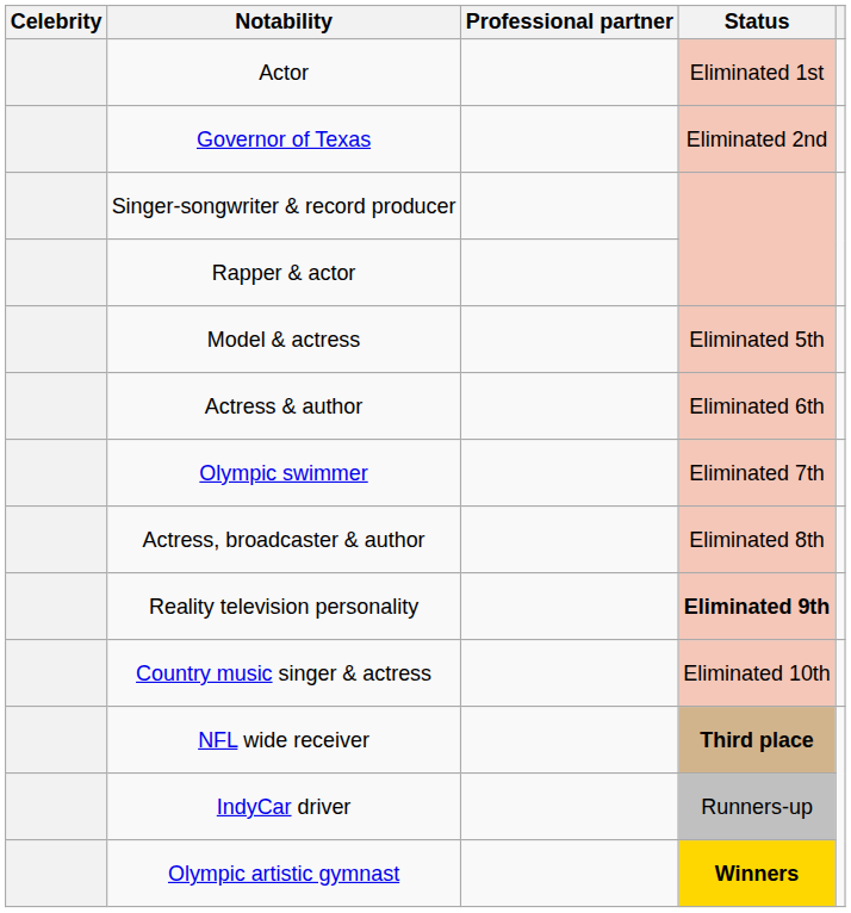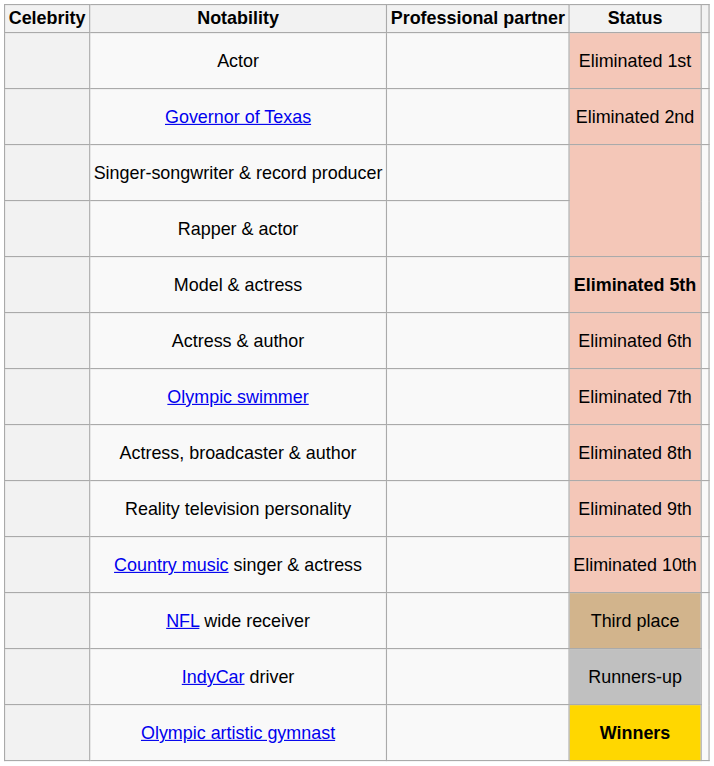 <table class="wikitable sortable" style="text-align:center;">
 <tr>
 <th scope="col">Celebrity</th>
 <th scope="col" class="unsortable">Notability</th>
 <th scope="col">Professional partner</th>
 <th scope="col">Status</th>
 <th scope="col" class="unsortable"></th>
 </tr>
 <tr style="height:50px">
 <th scope="row"></th>
 <td>Actor</td>
 <td></td>
 <td style="background:#f4c7b8;">Eliminated 1st<br></td>
 <td></td>
 </tr>
 <tr style="height:50px">
 <th scope="row"></th>
 <td><a href='#'>Governor of Texas</a></td>
 <td></td>
 <td style="background:#f4c7b8;">Eliminated 2nd<br></td>
 <td></td>
 </tr>
 <tr style="height:50px">
 <th scope="row"></th>
 <td>Singer-songwriter & record producer</td>
 <td></td>
 <td style="background:#f4c7b8;" rowspan=2><br></td>
 <td rowspan=2></td>
 </tr>
 <tr style="height:50px">
 <th scope="row"></th>
 <td>Rapper & actor</td>
 <td></td>
 </tr>
 <tr style="height:50px">
 <th scope="row"></th>
 <td>Model & actress</td>
 <td></td>
-<td style="background:#f4c7b8;">Eliminated 5th<br></td>
+<td style="background:#f4c7b8;"><strong>Eliminated 5th<br></strong></td>
 <td></td>
 </tr>
 <tr style="height:50px">
 <th scope="row"></th>
 <td>Actress & author</td>
 <td></td>
 <td style="background:#f4c7b8;">Eliminated 6th<br></td>
 <td></td>
 </tr>
 <tr style="height:50px">
 <th scope="row"></th>
 <td><a href='#'>Olympic swimmer</a></td>
 <td></td>
 <td style="background:#f4c7b8;">Eliminated 7th<br></td>
 <td></td>
 </tr>
 <tr style="height:50px">
 <th scope="row"></th>
 <td>Actress, broadcaster & author</td>
 <td></td>
 <td style="background:#f4c7b8;">Eliminated 8th<br></td>
 <td></td>
 </tr>
 <tr style="height:50px">
 <th scope="row"></th>
 <td>Reality television personality</td>
 <td></td>
-<td style="background:#f4c7b8;"><strong>Eliminated 9th<br></strong></td>
+<td style="background:#f4c7b8;">Eliminated 9th<br></td>
 <td></td>
 </tr>
 <tr style="height:50px">
 <th scope="row"></th>
 <td><a href='#'>Country music</a> singer & actress</td>
 <td></td>
 <td style="background:#f4c7b8;">Eliminated 10th<br></td>
 <td></td>
 </tr>
 <tr style="height:50px">
 <th scope="row"></th>
 <td><a href='#'>NFL</a> wide receiver</td>
 <td></td>
-<td style="background:tan;"><strong>Third place<br></strong></td>
+<td style="background:tan;">Third place<br></td>
 <td rowspan=3></td>
 </tr>
 <tr style="height:50px">
 <th scope="row"></th>
 <td><a href='#'>IndyCar</a> driver</td>
 <td><br><em><small></small></em></td>
 <td style="background:silver;">Runners-up<br></td>
 </tr>
 <tr style="height:50px">
 <th scope="row"></th>
 <td><a href='#'>Olympic artistic gymnast</a></td>
 <td></td>
 <td style="background:gold;"><strong>Winners</strong><br></td>
 </tr>
 </table>
